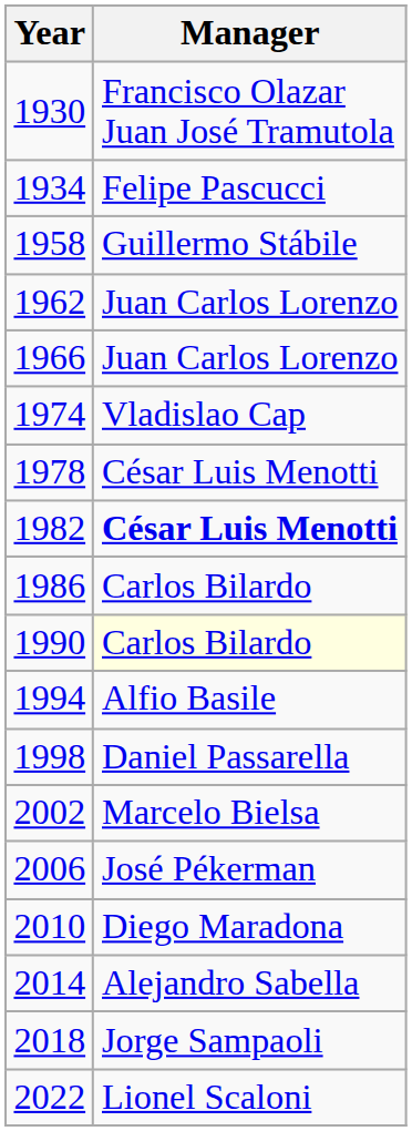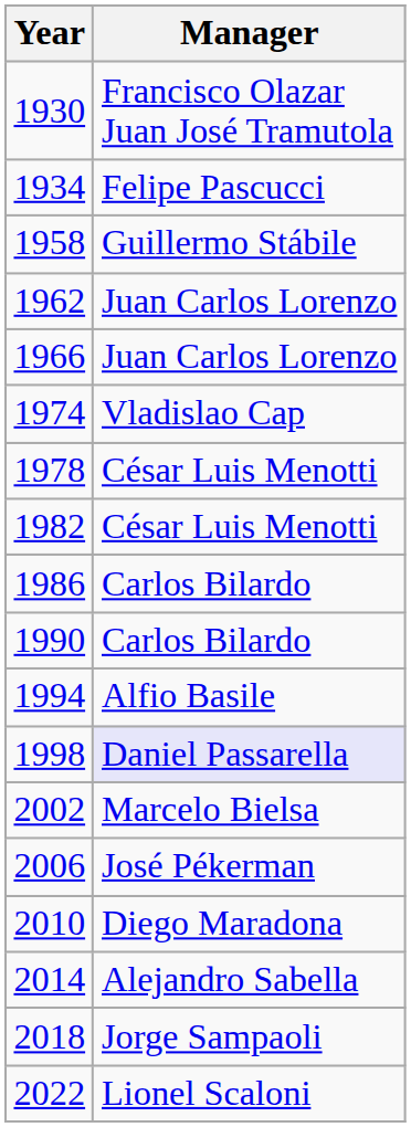 <table class="wikitable">
 <tr>
 <th>Year</th>
 <th>Manager</th>
 </tr>
 <tr>
 <td align=center><a href='#'>1930</a></td>
 <td> <a href='#'>Francisco Olazar</a> <br>  <a href='#'>Juan José Tramutola</a></td>
 </tr>
 <tr>
 <td align=center><a href='#'>1934</a></td>
 <td> <a href='#'>Felipe Pascucci</a></td>
 </tr>
 <tr>
 <td align=center><a href='#'>1958</a></td>
 <td> <a href='#'>Guillermo Stábile</a></td>
 </tr>
 <tr>
 <td align=center><a href='#'>1962</a></td>
 <td> <a href='#'>Juan Carlos Lorenzo</a></td>
 </tr>
 <tr>
 <td align=center><a href='#'>1966</a></td>
 <td> <a href='#'>Juan Carlos Lorenzo</a></td>
 </tr>
 <tr>
 <td align=center><a href='#'>1974</a></td>
 <td> <a href='#'>Vladislao Cap</a></td>
 </tr>
 <tr>
 <td align=center><a href='#'>1978</a></td>
 <td> <a href='#'>César Luis Menotti</a></td>
 </tr>
 <tr>
 <td align=center><a href='#'>1982</a></td>
-<td><strong> <a href='#'>César Luis Menotti</a></strong></td>
+<td> <a href='#'>César Luis Menotti</a></td>
 </tr>
 <tr>
 <td align=center><a href='#'>1986</a></td>
 <td> <a href='#'>Carlos Bilardo</a></td>
 </tr>
 <tr>
 <td align=center><a href='#'>1990</a></td>
-<td style="background: lightyellow;"> <a href='#'>Carlos Bilardo</a></td>
+<td> <a href='#'>Carlos Bilardo</a></td>
 </tr>
 <tr>
 <td align=center><a href='#'>1994</a></td>
 <td> <a href='#'>Alfio Basile</a></td>
 </tr>
 <tr>
 <td align=center><a href='#'>1998</a></td>
-<td> <a href='#'>Daniel Passarella</a></td>
+<td style="background: lavender;"> <a href='#'>Daniel Passarella</a></td>
 </tr>
 <tr>
 <td align=center><a href='#'>2002</a></td>
 <td> <a href='#'>Marcelo Bielsa</a></td>
 </tr>
 <tr>
 <td align=center><a href='#'>2006</a></td>
 <td> <a href='#'>José Pékerman</a></td>
 </tr>
 <tr>
 <td align=center><a href='#'>2010</a></td>
 <td> <a href='#'>Diego Maradona</a></td>
 </tr>
 <tr>
 <td align=center><a href='#'>2014</a></td>
 <td> <a href='#'>Alejandro Sabella</a></td>
 </tr>
 <tr>
 <td align=center><a href='#'>2018</a></td>
 <td> <a href='#'>Jorge Sampaoli</a></td>
 </tr>
 <tr>
 <td align=center><a href='#'>2022</a></td>
 <td> <a href='#'>Lionel Scaloni</a></td>
 </tr>
 </table>
